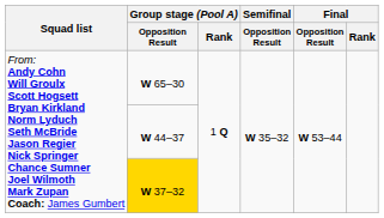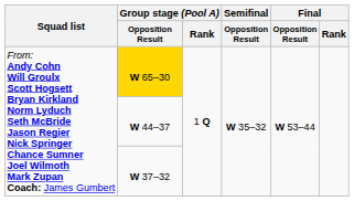 <table class=wikitable style="font-size:90%">
 <tr>
 <th rowspan="2">Squad list</th>
 <th colspan="2">Group stage <em>(Pool A)</em></th>
 <th>Semifinal</th>
 <th colspan="2">Final</th>
 </tr>
 <tr>
 <th style="line-height:1em"><small>Opposition<br>Result</small></th>
 <th>Rank</th>
 <th style="line-height:1em"><small>Opposition<br>Result</small></th>
 <th style="line-height:1em"><small>Opposition<br>Result</small></th>
 <th>Rank</th>
 </tr>
 <tr>
 <td rowspan="3"><em>From:</em><br><strong><a href='#'>Andy Cohn</a></strong> <br><strong><a href='#'>Will Groulx</a></strong> <br><strong><a href='#'>Scott Hogsett</a></strong> <br><strong><a href='#'>Bryan Kirkland</a></strong> <br><strong><a href='#'>Norm Lyduch</a></strong> <br><strong><a href='#'>Seth McBride</a></strong> <br><strong><a href='#'>Jason Regier</a></strong> <br><strong><a href='#'>Nick Springer</a></strong> <br><strong><a href='#'>Chance Sumner</a></strong> <br><strong><a href='#'>Joel Wilmoth</a></strong> <br><strong><a href='#'>Mark Zupan</a></strong> <br><strong>Coach:</strong> <a href='#'>James Gumbert</a></td>
-<td align="center"> <br><br><strong>W</strong> 65–30<br> </td>
+<td align="center" style="background: gold;"> <br><br><strong>W</strong> 65–30<br> </td>
 <td rowspan="3" align="center">1 <strong>Q</strong></td>
 <td rowspan="3" align="center"><br><strong>W</strong> 35–32</td>
 <td rowspan="3" align="center"><br><strong>W</strong> 53–44</td>
 <td rowspan="3" align="center"></td>
 </tr>
 <tr>
 <td align="center"> <br><br><strong>W</strong> 44–37<br> </td>
 </tr>
 <tr>
-<td align="center" style="background: gold;"> <br><br><strong>W</strong> 37–32<br> </td>
+<td align="center"> <br><br><strong>W</strong> 37–32<br> </td>
 </tr>
 </table>
